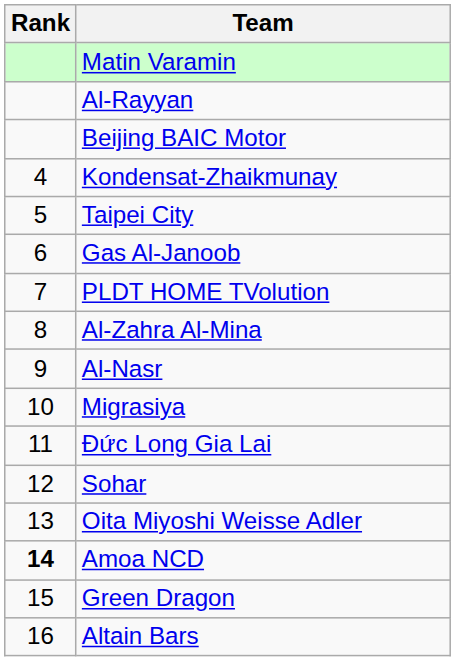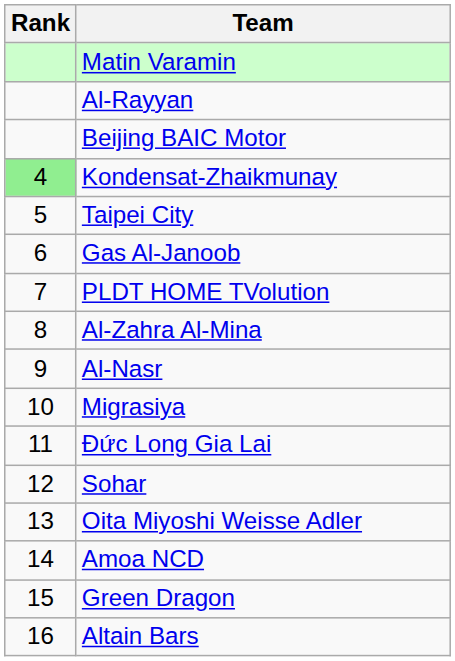 <table class="wikitable" style="text-align: center;">
 <tr>
 <th width=40>Rank</th>
 <th width=240>Team</th>
 </tr>
 <tr bgcolor=#ccffcc>
 <td></td>
 <td style="text-align: left;"> <a href='#'>Matin Varamin</a></td>
 </tr>
 <tr>
 <td></td>
 <td style="text-align: left;"> <a href='#'>Al-Rayyan</a></td>
 </tr>
 <tr>
 <td></td>
 <td style="text-align: left;"> <a href='#'>Beijing BAIC Motor</a></td>
 </tr>
 <tr>
-<td>4</td>
+<td style="background: lightgreen;">4</td>
 <td style="text-align: left;"> <a href='#'>Kondensat-Zhaikmunay</a></td>
 </tr>
 <tr>
 <td>5</td>
 <td style="text-align: left;"> <a href='#'>Taipei City</a></td>
 </tr>
 <tr>
 <td>6</td>
 <td style="text-align: left;"> <a href='#'>Gas Al-Janoob</a></td>
 </tr>
 <tr>
 <td>7</td>
 <td style="text-align: left;"> <a href='#'>PLDT HOME TVolution</a></td>
 </tr>
 <tr>
 <td>8</td>
 <td style="text-align: left;"> <a href='#'>Al-Zahra Al-Mina</a></td>
 </tr>
 <tr>
 <td>9</td>
 <td style="text-align: left;"> <a href='#'>Al-Nasr</a></td>
 </tr>
 <tr>
 <td>10</td>
 <td style="text-align: left;"> <a href='#'>Migrasiya</a></td>
 </tr>
 <tr>
 <td>11</td>
 <td style="text-align: left;"> <a href='#'>Đức Long Gia Lai</a></td>
 </tr>
 <tr>
 <td>12</td>
 <td style="text-align: left;"> <a href='#'>Sohar</a></td>
 </tr>
 <tr>
 <td>13</td>
 <td style="text-align: left;"> <a href='#'>Oita Miyoshi Weisse Adler</a></td>
 </tr>
 <tr>
-<td><strong>14</strong></td>
+<td>14</td>
 <td style="text-align: left;"> <a href='#'>Amoa NCD</a></td>
 </tr>
 <tr>
 <td>15</td>
 <td style="text-align: left;"> <a href='#'>Green Dragon</a></td>
 </tr>
 <tr>
 <td>16</td>
 <td style="text-align: left;"> <a href='#'>Altain Bars</a></td>
 </tr>
 </table>
